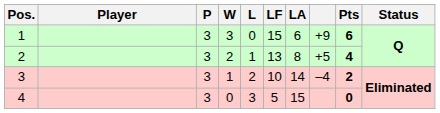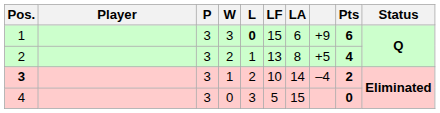 <table class="wikitable" style="text-align:center; margin: 1em auto 1em auto, align:left">
 <tr>
 <th width=20>Pos.</th>
 <th width=185>Player</th>
 <th width=20>P</th>
 <th width=20>W</th>
 <th width=20>L</th>
 <th width=20>LF</th>
 <th width=20>LA</th>
 <th width=25></th>
 <th width=20>Pts</th>
 <th width=70>Status</th>
 </tr>
 <tr style="background:#CCFFCC;">
 <td>1</td>
 <td style="text-align:left"></td>
 <td>3</td>
 <td>3</td>
-<td>0</td>
+<td><strong>0</strong></td>
 <td>15</td>
 <td>6</td>
 <td>+9</td>
 <td><strong>6</strong></td>
 <td rowspan=2><strong>Q</strong></td>
 </tr>
 <tr style="background:#CCFFCC;">
 <td>2</td>
 <td style="text-align:left"></td>
 <td>3</td>
 <td>2</td>
 <td>1</td>
 <td>13</td>
 <td>8</td>
 <td>+5</td>
 <td><strong>4</strong></td>
 </tr>
 <tr style="background:#FFccCC;">
-<td>3</td>
+<td><strong>3</strong></td>
 <td style="text-align:left"></td>
 <td>3</td>
 <td>1</td>
 <td>2</td>
 <td>10</td>
 <td>14</td>
 <td>–4</td>
 <td><strong>2</strong></td>
 <td rowspan=2><strong>Eliminated</strong></td>
 </tr>
 <tr style="background:#FFccCC;">
 <td>4</td>
 <td style="text-align:left"></td>
 <td>3</td>
 <td>0</td>
 <td>3</td>
 <td>5</td>
 <td>15</td>
 <td></td>
 <td><strong>0</strong></td>
 </tr>
 </table>
